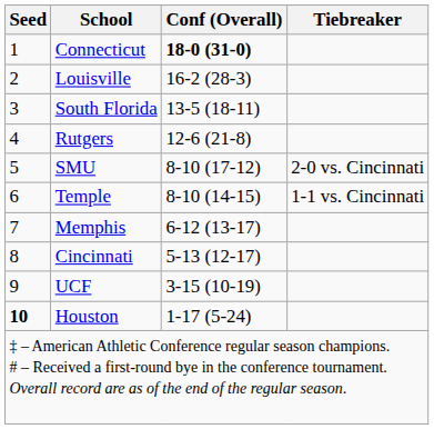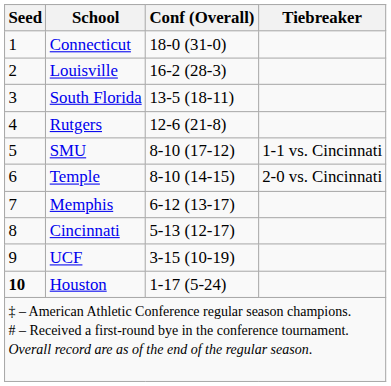 <table class="wikitable">
 <tr>
 <th>Seed</th>
 <th>School</th>
 <th>Conf (Overall)</th>
 <th>Tiebreaker</th>
 </tr>
 <tr>
 <td>1</td>
 <td><a href='#'>Connecticut</a></td>
-<td><strong>18-0 (31-0)</strong></td>
+<td>18-0 (31-0)</td>
 <td></td>
 </tr>
 <tr>
 <td>2</td>
 <td><a href='#'>Louisville</a></td>
 <td>16-2 (28-3)</td>
 <td></td>
 </tr>
 <tr>
 <td>3</td>
 <td><a href='#'>South Florida</a></td>
 <td>13-5 (18-11)</td>
 <td></td>
 </tr>
 <tr>
 <td>4</td>
 <td><a href='#'>Rutgers</a></td>
 <td>12-6 (21-8)</td>
 <td></td>
 </tr>
 <tr>
 <td>5</td>
 <td><a href='#'>SMU</a></td>
 <td>8-10 (17-12)</td>
-<td>2-0 vs. Cincinnati</td>
+<td>1-1 vs. Cincinnati</td>
 </tr>
 <tr>
 <td>6</td>
 <td><a href='#'>Temple</a></td>
 <td>8-10 (14-15)</td>
-<td>1-1 vs. Cincinnati</td>
+<td>2-0 vs. Cincinnati</td>
 </tr>
 <tr>
 <td>7</td>
 <td><a href='#'>Memphis</a></td>
 <td>6-12 (13-17)</td>
 <td></td>
 </tr>
 <tr>
 <td>8</td>
 <td><a href='#'>Cincinnati</a></td>
 <td>5-13 (12-17)</td>
 <td></td>
 </tr>
 <tr>
 <td>9</td>
 <td><a href='#'>UCF</a></td>
 <td>3-15 (10-19)</td>
 <td></td>
 </tr>
 <tr>
 <td><strong>10</strong></td>
 <td><a href='#'>Houston</a></td>
 <td>1-17 (5-24)</td>
 <td></td>
 </tr>
 <tr>
 <td colspan="6" style="text-align:left;"><small>‡ – American Athletic Conference regular season champions.<br># – Received a first-round bye in the conference tournament. <br><em>Overall record are as of the end of the regular season</em>.</small><br><br></td>
 </tr>
 </table>
